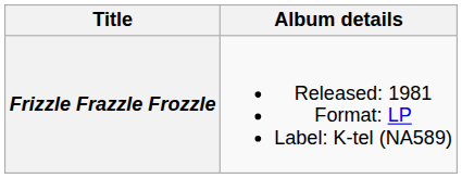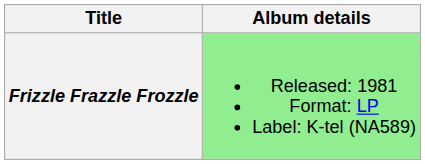 <table class="wikitable plainrowheaders" style="text-align:center;" border="1">
 <tr>
 <th>Title</th>
 <th>Album details</th>
 </tr>
 <tr>
 <th scope="row"><em>Frizzle Frazzle Frozzle</em></th>
-<td><br><ul><li>Released: 1981</li><li>Format: <a href='#'>LP</a></li><li>Label: K-tel (NA589)</li></ul></td>
+<td style="background: lightgreen;"><br><ul><li>Released: 1981</li><li>Format: <a href='#'>LP</a></li><li>Label: K-tel (NA589)</li></ul></td>
 </tr>
 </table>
